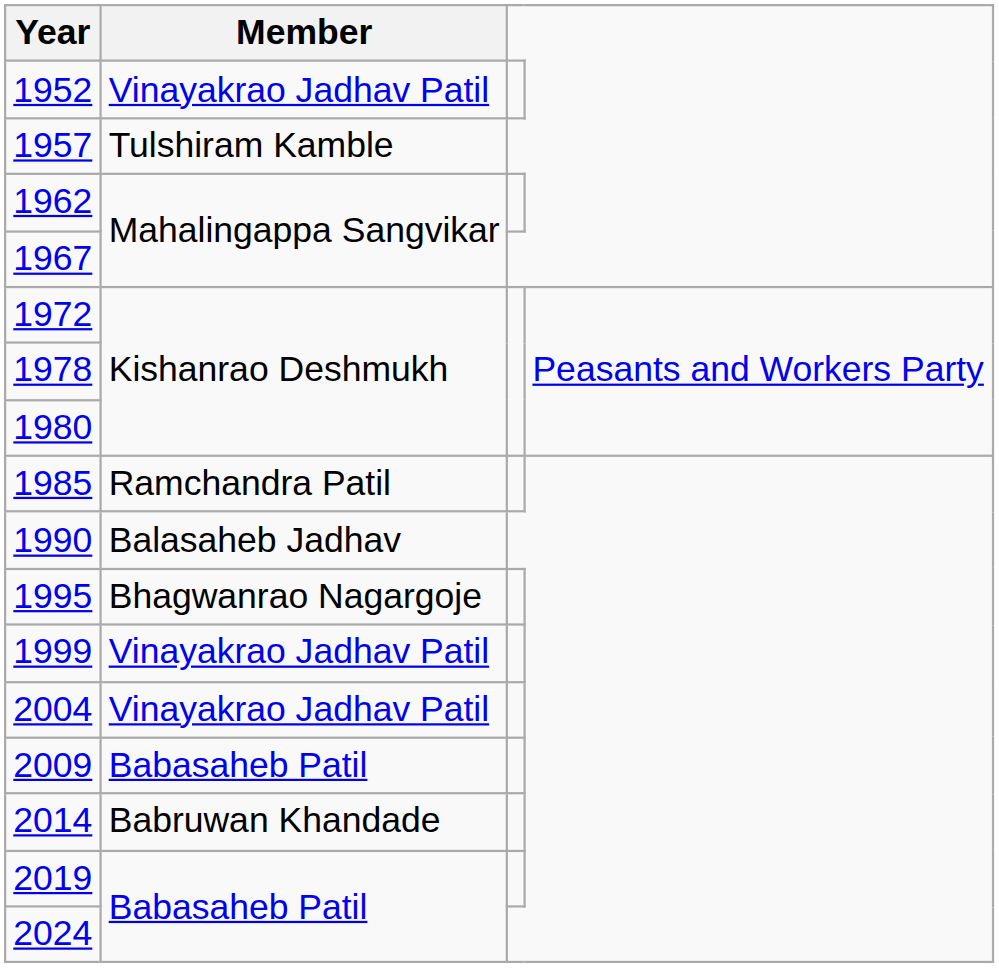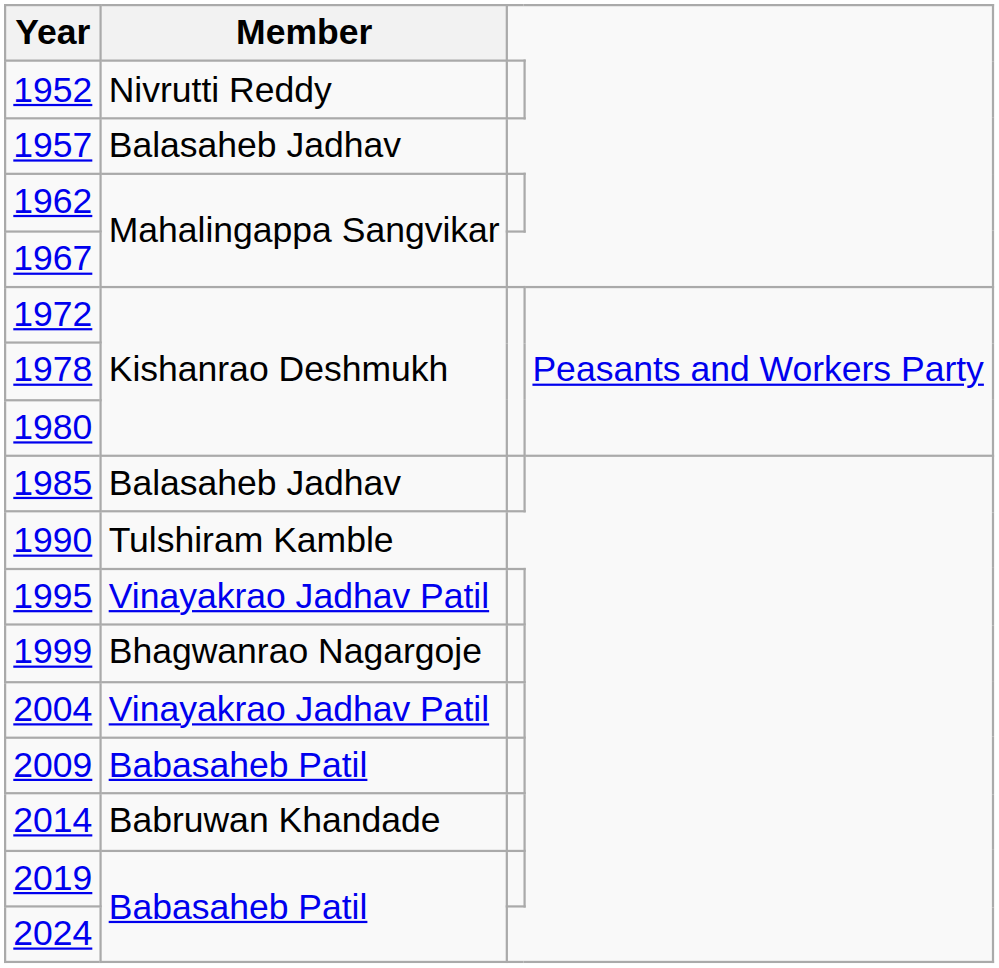 <table class="wikitable">
 <tr>
 <th>Year</th>
 <th>Member</th>
 </tr>
 <tr>
 <td><a href='#'>1952</a></td>
-<td><a href='#'>Vinayakrao Jadhav Patil</a></td>
+<td>Nivrutti Reddy</td>
 <td></td>
 </tr>
 <tr>
 <td><a href='#'>1957</a></td>
-<td>Tulshiram Kamble</td>
+<td>Balasaheb Jadhav</td>
 </tr>
 <tr>
 <td><a href='#'>1962</a></td>
 <td rowspan="2">Mahalingappa Sangvikar</td>
 <td></td>
 </tr>
 <tr>
 <td><a href='#'>1967</a></td>
 </tr>
 <tr>
 <td><a href='#'>1972</a></td>
 <td rowspan="3">Kishanrao Deshmukh</td>
 <td rowspan="3" style="background-color: "></td>
 <td rowspan="3"><a href='#'>Peasants and Workers Party</a></td>
 </tr>
 <tr>
 <td><a href='#'>1978</a></td>
 </tr>
 <tr>
 <td><a href='#'>1980</a></td>
 </tr>
 <tr>
 <td><a href='#'>1985</a></td>
-<td>Ramchandra Patil</td>
+<td>Balasaheb Jadhav</td>
 <td></td>
 </tr>
 <tr>
 <td><a href='#'>1990</a></td>
-<td>Balasaheb Jadhav</td>
+<td>Tulshiram Kamble</td>
 </tr>
 <tr>
 <td><a href='#'>1995</a></td>
-<td>Bhagwanrao Nagargoje</td>
+<td><a href='#'>Vinayakrao Jadhav Patil</a></td>
 <td></td>
 </tr>
 <tr>
 <td><a href='#'>1999</a></td>
-<td><a href='#'>Vinayakrao Jadhav Patil</a></td>
+<td>Bhagwanrao Nagargoje</td>
 <td></td>
 </tr>
 <tr>
 <td><a href='#'>2004</a></td>
 <td><a href='#'>Vinayakrao Jadhav Patil</a></td>
 <td></td>
 </tr>
 <tr>
 <td><a href='#'>2009</a></td>
 <td><a href='#'>Babasaheb Patil</a></td>
 <td></td>
 </tr>
 <tr>
 <td><a href='#'>2014</a></td>
 <td>Babruwan Khandade</td>
 <td></td>
 </tr>
 <tr>
 <td><a href='#'>2019</a></td>
 <td rowspan="2"><a href='#'>Babasaheb Patil</a></td>
 <td></td>
 </tr>
 <tr>
 <td><a href='#'>2024</a></td>
 </tr>
 </table>
